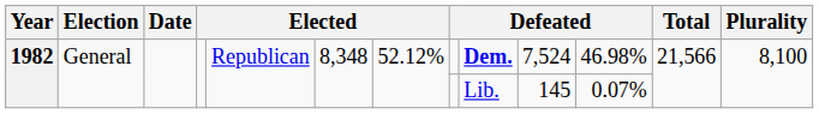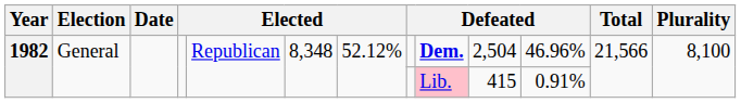 <table class=wikitable>
 <tr>
 <th>Year</th>
 <th>Election</th>
 <th>Date</th>
 <th ! colspan="4">Elected</th>
 <th ! colspan="4">Defeated</th>
 <th>Total</th>
 <th>Plurality</th>
 </tr>
 <tr>
 <th rowspan="2" valign="top">1982</th>
 <td rowspan="2" valign="top">General</td>
 <td rowspan="2" valign="top"></td>
 <td rowspan="2" valign="top"></td>
 <td rowspan="2" valign="top" ><a href='#'>Republican</a></td>
 <td rowspan="2" valign="top" align="right">8,348</td>
 <td rowspan="2" valign="top" align="right">52.12%</td>
 <td valign="top"></td>
 <td valign="top" ><strong><a href='#'>Dem.</a></strong></td>
-<td valign="top" align="right">7,524</td>
-<td valign="top" align="right">46.98%</td>
+<td valign="top" align="right">2,504</td>
+<td valign="top" align="right">46.96%</td>
 <td rowspan="2" valign="top" align="right">21,566</td>
 <td rowspan="2" valign="top" align="right">8,100</td>
 </tr>
 <tr>
 <td valign="top"></td>
-<td valign="top" ><a href='#'>Lib.</a></td>
-<td valign="top" align="right">145</td>
-<td valign="top" align="right">0.07%</td>
+<td valign="top"  style="background: pink;"><a href='#'>Lib.</a></td>
+<td valign="top" align="right">415</td>
+<td valign="top" align="right">0.91%</td>
 </tr>
 </table>
